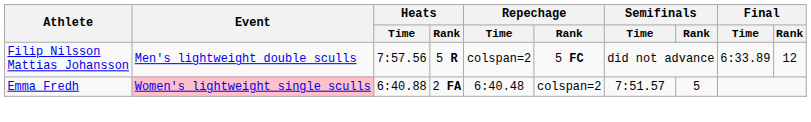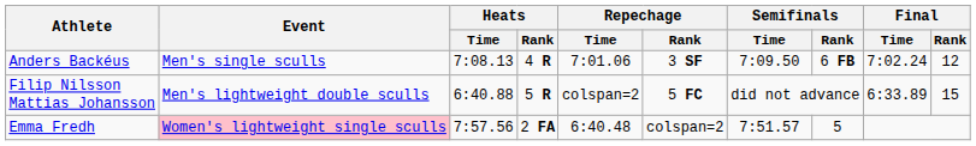 <table class="wikitable" style="font-size:90%">
 <tr>
 <th rowspan="2">Athlete</th>
 <th rowspan="2">Event</th>
 <th colspan="2">Heats</th>
 <th colspan="2">Repechage</th>
 <th colspan="2">Semifinals</th>
 <th colspan="2">Final</th>
 </tr>
 <tr style="font-size:95%">
 <th>Time</th>
 <th>Rank</th>
 <th>Time</th>
 <th>Rank</th>
 <th>Time</th>
 <th>Rank</th>
 <th>Time</th>
 <th>Rank</th>
 </tr>
 <tr align=center>
+<td align=left><a href='#'>Anders Backéus</a></td>
+<td align=left><a href='#'>Men's single sculls</a></td>
+<td>7:08.13</td>
+<td>4 <strong>R</strong></td>
+<td>7:01.06</td>
+<td>3 <strong>SF</strong></td>
+<td>7:09.50</td>
+<td>6 <strong>FB</strong></td>
+<td>7:02.24</td>
+<td>12</td>
+</tr>
+<tr align=center>
 <td align=left><a href='#'>Filip Nilsson</a><br><a href='#'>Mattias Johansson</a></td>
 <td align=left><a href='#'>Men's lightweight double sculls</a></td>
-<td>7:57.56</td>
+<td>6:40.88</td>
 <td>5 <strong>R</strong></td>
 <td>colspan=2 </td>
 <td>5 <strong>FC</strong></td>
 <td colspan=2>did not advance</td>
 <td>6:33.89</td>
-<td>12</td>
+<td>15</td>
 </tr>
 <tr align=center>
 <td align=left><a href='#'>Emma Fredh</a></td>
 <td align=left style="background: pink;"><a href='#'>Women's lightweight single sculls</a></td>
-<td>6:40.88</td>
+<td>7:57.56</td>
 <td>2 <strong>FA</strong></td>
 <td>6:40.48</td>
 <td>colspan=2 </td>
 <td>7:51.57</td>
 <td>5</td>
 </tr>
 </table>
